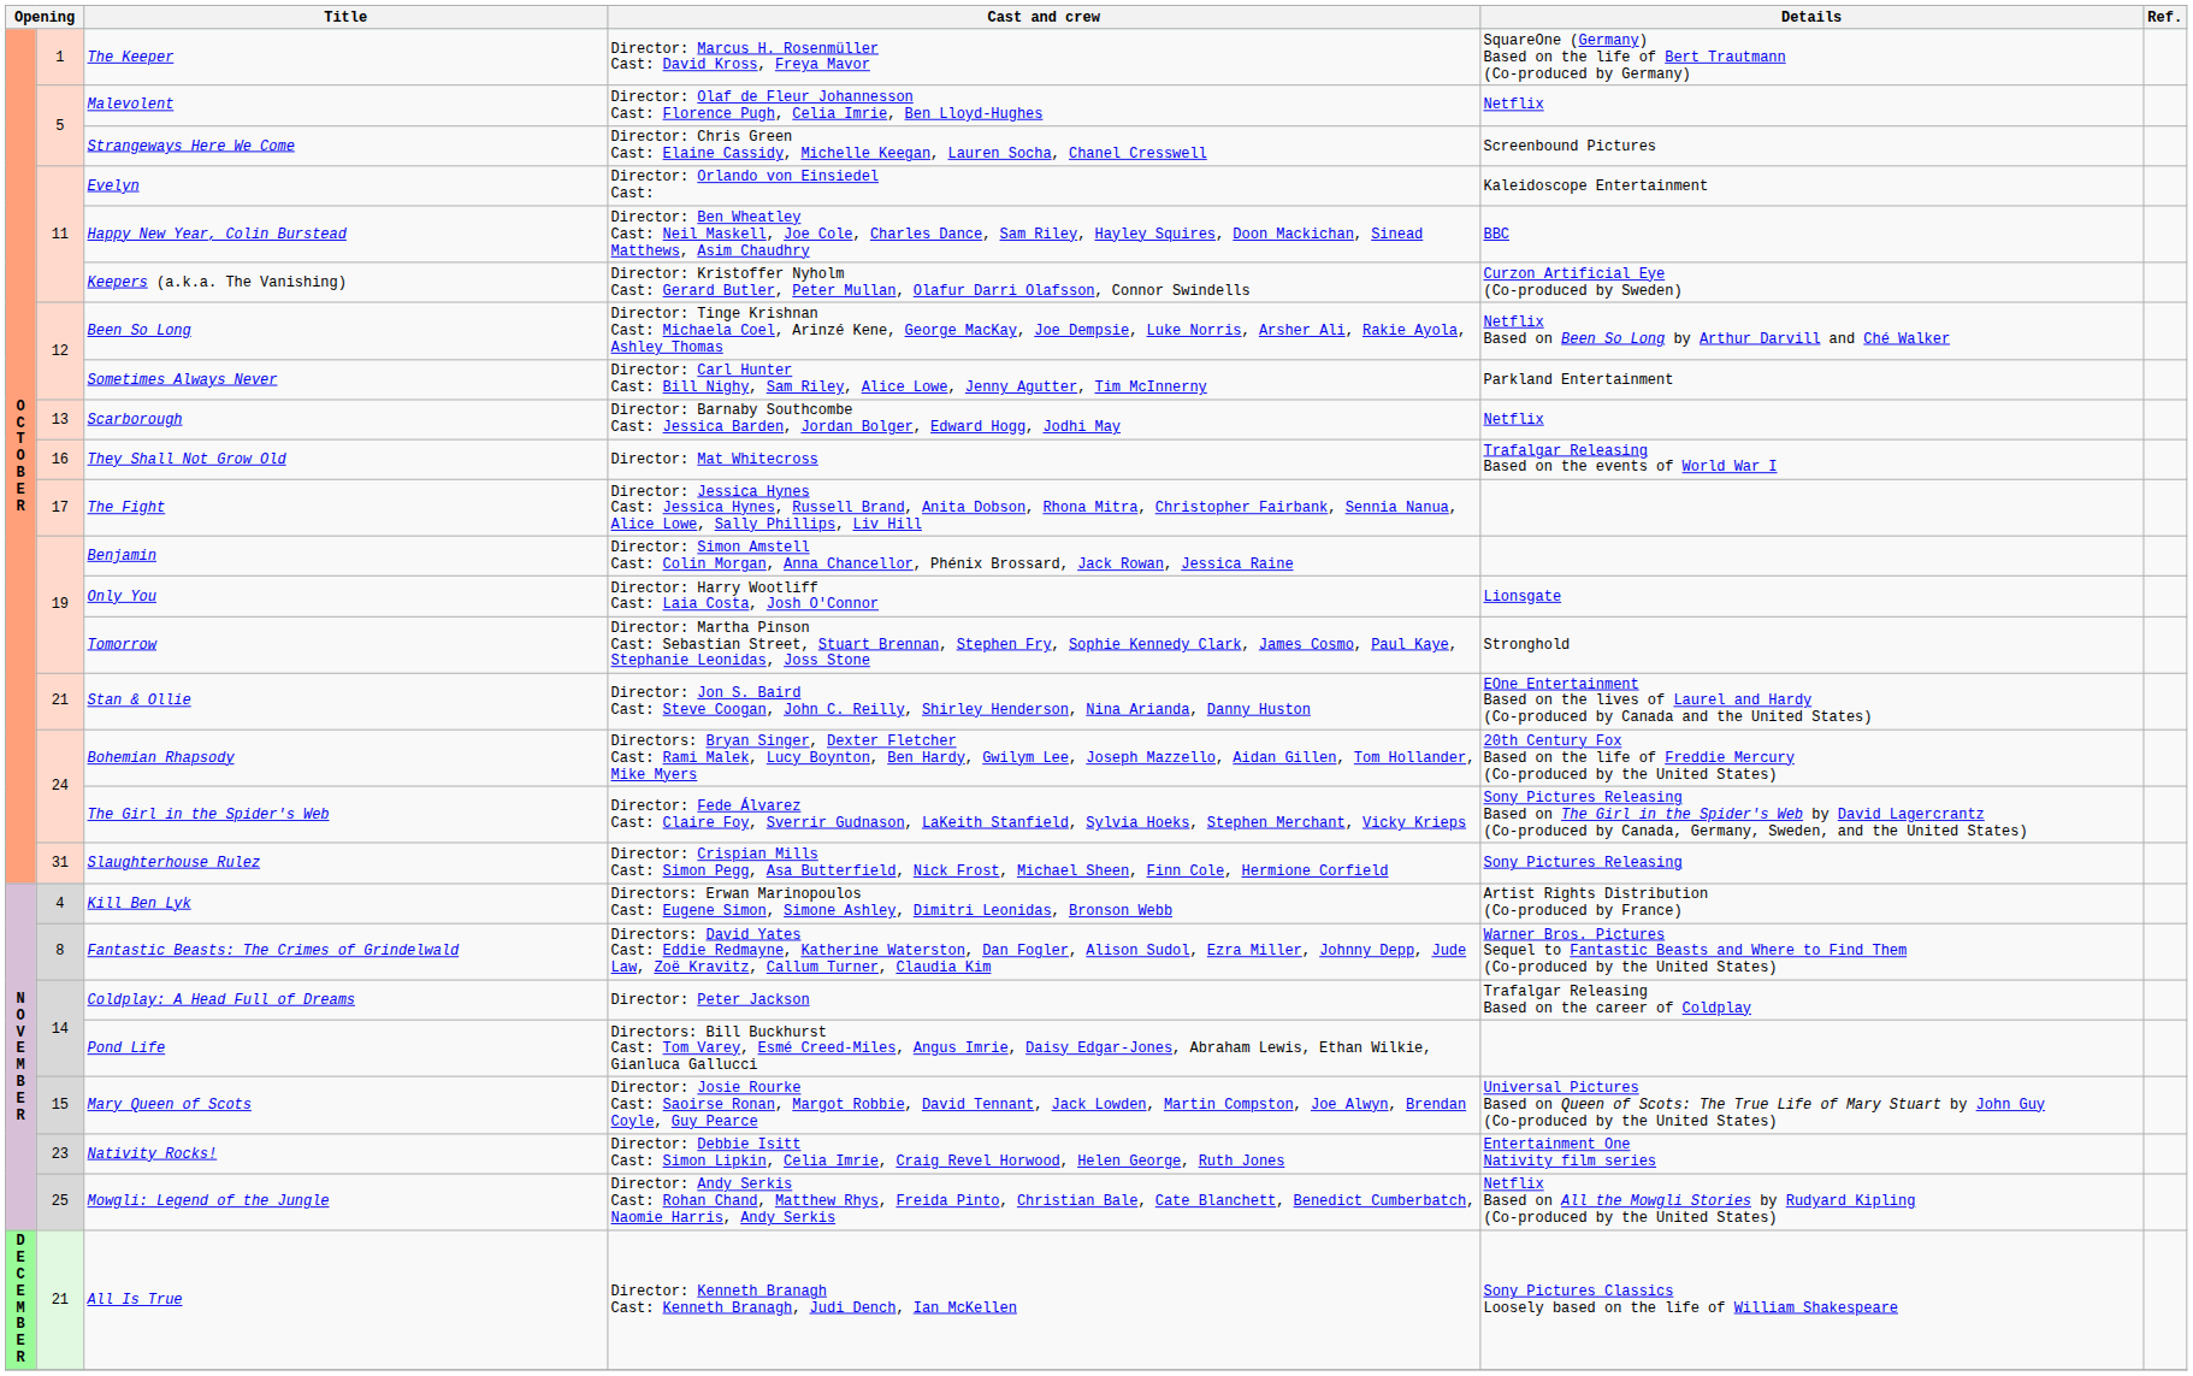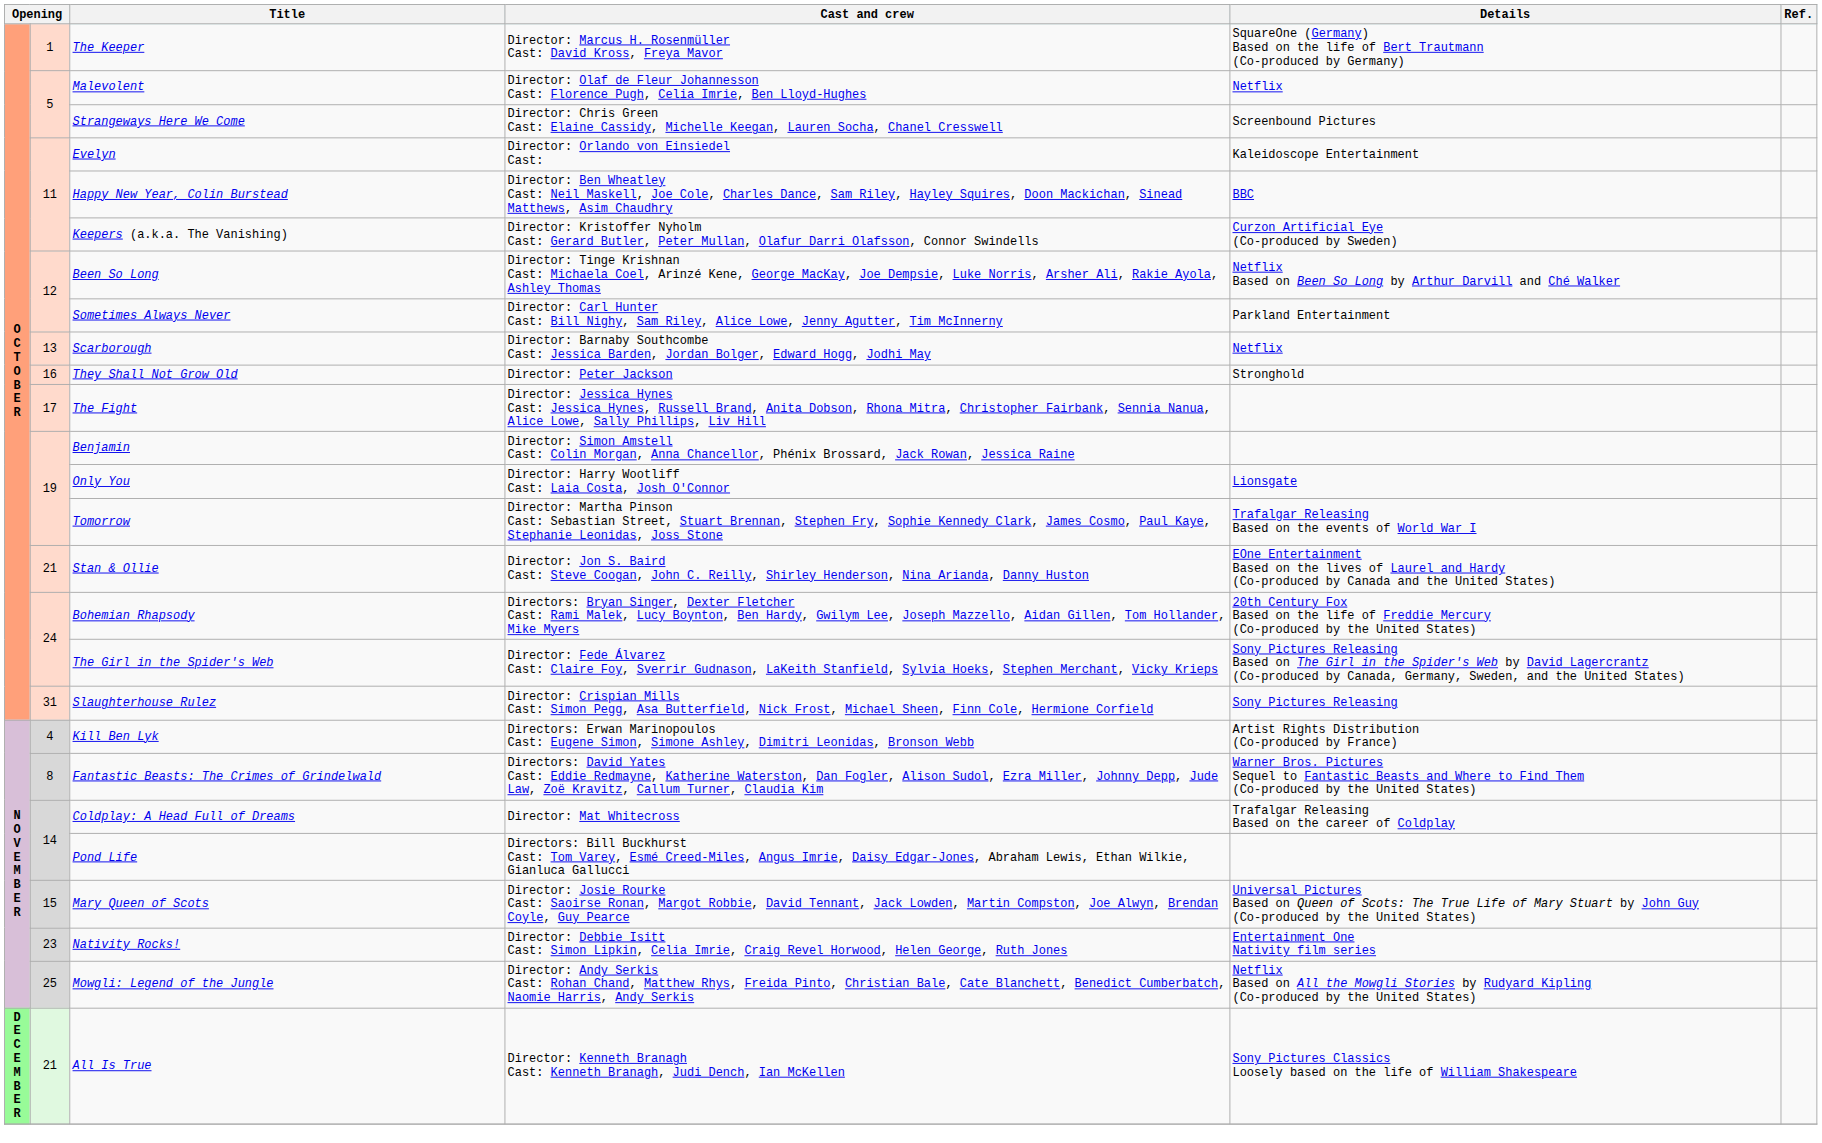 <table class="wikitable">
 <tr style="background:#b0e0e6; text-align:center;">
 <th colspan="2">Opening</th>
 <th style="width:24%;">Title</th>
 <th style="width:40%;">Cast and crew</th>
 <th>Details</th>
 <th style="width:2%;">Ref.</th>
 </tr>
 <tr>
 <th rowspan="18" style="text-align:center; background:#ffa07a; textcolor:#000;">O<br>C<br>T<br>O<br>B<br>E<br>R</th>
 <td rowspan="1" style="text-align:center; background:#ffdacc;">1</td>
 <td><em><a href='#'>The Keeper</a></em></td>
 <td>Director: <a href='#'>Marcus H. Rosenmüller</a> <br> Cast: <a href='#'>David Kross</a>, <a href='#'>Freya Mavor</a></td>
 <td>SquareOne (<a href='#'>Germany</a>) <br> Based on the life of <a href='#'>Bert Trautmann</a> <br> (Co-produced by Germany)</td>
 <td style="text-align:center"></td>
 </tr>
 <tr>
 <td rowspan="2" style="text-align:center; background:#ffdacc;">5</td>
 <td><em><a href='#'>Malevolent</a></em></td>
 <td>Director: <a href='#'>Olaf de Fleur Johannesson</a> <br> Cast: <a href='#'>Florence Pugh</a>, <a href='#'>Celia Imrie</a>, <a href='#'>Ben Lloyd-Hughes</a></td>
 <td><a href='#'>Netflix</a></td>
 <td style="text-align:center"></td>
 </tr>
 <tr>
 <td><em><a href='#'>Strangeways Here We Come</a></em></td>
 <td>Director: Chris Green <br> Cast: <a href='#'>Elaine Cassidy</a>, <a href='#'>Michelle Keegan</a>, <a href='#'>Lauren Socha</a>, <a href='#'>Chanel Cresswell</a></td>
 <td>Screenbound Pictures</td>
 <td style="text-align:center"></td>
 </tr>
 <tr>
 <td rowspan="3" style="text-align:center; background:#ffdacc;">11</td>
 <td><em><a href='#'>Evelyn</a></em></td>
 <td>Director: <a href='#'>Orlando von Einsiedel</a> <br> Cast:</td>
 <td>Kaleidoscope Entertainment</td>
 <td style="text-align:center"></td>
 </tr>
 <tr>
 <td><em><a href='#'>Happy New Year, Colin Burstead</a></em></td>
 <td>Director: <a href='#'>Ben Wheatley</a> <br> Cast: <a href='#'>Neil Maskell</a>, <a href='#'>Joe Cole</a>, <a href='#'>Charles Dance</a>, <a href='#'>Sam Riley</a>, <a href='#'>Hayley Squires</a>, <a href='#'>Doon Mackichan</a>, <a href='#'>Sinead Matthews</a>, <a href='#'>Asim Chaudhry</a></td>
 <td><a href='#'>BBC</a></td>
 <td style="text-align:center"></td>
 </tr>
 <tr>
 <td><em><a href='#'>Keepers</a></em> (a.k.a. The Vanishing)</td>
 <td>Director: Kristoffer Nyholm <br> Cast: <a href='#'>Gerard Butler</a>, <a href='#'>Peter Mullan</a>, <a href='#'>Olafur Darri Olafsson</a>, Connor Swindells</td>
 <td><a href='#'>Curzon Artificial Eye</a> <br> (Co-produced by Sweden)</td>
 <td style="text-align:center"></td>
 </tr>
 <tr>
 <td rowspan="2" style="text-align:center; background:#ffdacc;">12</td>
 <td><em><a href='#'>Been So Long</a></em></td>
 <td>Director: Tinge Krishnan <br> Cast: <a href='#'>Michaela Coel</a>, Arinzé Kene, <a href='#'>George MacKay</a>, <a href='#'>Joe Dempsie</a>, <a href='#'>Luke Norris</a>, <a href='#'>Arsher Ali</a>, <a href='#'>Rakie Ayola</a>, <a href='#'>Ashley Thomas</a></td>
 <td><a href='#'>Netflix</a> <br> Based on <em><a href='#'>Been So Long</a></em> by <a href='#'>Arthur Darvill</a> and <a href='#'>Ché Walker</a></td>
 <td style="text-align:center"></td>
 </tr>
 <tr>
 <td><em><a href='#'>Sometimes Always Never</a></em></td>
 <td>Director: <a href='#'>Carl Hunter</a> <br> Cast: <a href='#'>Bill Nighy</a>, <a href='#'>Sam Riley</a>, <a href='#'>Alice Lowe</a>, <a href='#'>Jenny Agutter</a>, <a href='#'>Tim McInnerny</a></td>
 <td>Parkland Entertainment</td>
 <td style="text-align:center"></td>
 </tr>
 <tr>
 <td rowspan="1" style="text-align:center; background:#ffdacc;">13</td>
 <td><em><a href='#'>Scarborough</a></em></td>
 <td>Director: Barnaby Southcombe <br> Cast: <a href='#'>Jessica Barden</a>, <a href='#'>Jordan Bolger</a>, <a href='#'>Edward Hogg</a>, <a href='#'>Jodhi May</a></td>
 <td><a href='#'>Netflix</a></td>
 <td style="text-align:center"></td>
 </tr>
 <tr>
 <td rowspan="1" style="text-align:center; background:#ffdacc;">16</td>
 <td><em><a href='#'>They Shall Not Grow Old</a></em></td>
-<td>Director: <a href='#'>Mat Whitecross</a></td>
-<td><a href='#'>Trafalgar Releasing</a> <br> Based on the events of <a href='#'>World War I</a></td>
+<td>Director: <a href='#'>Peter Jackson</a></td>
+<td>Stronghold</td>
 <td style="text-align:center"></td>
 </tr>
 <tr>
 <td rowspan="1" style="text-align:center; background:#ffdacc;">17</td>
 <td><em><a href='#'>The Fight</a></em></td>
 <td>Director: <a href='#'>Jessica Hynes</a>  <br> Cast: <a href='#'>Jessica Hynes</a>, <a href='#'>Russell Brand</a>, <a href='#'>Anita Dobson</a>, <a href='#'>Rhona Mitra</a>, <a href='#'>Christopher Fairbank</a>, <a href='#'>Sennia Nanua</a>, <a href='#'>Alice Lowe</a>, <a href='#'>Sally Phillips</a>, <a href='#'>Liv Hill</a></td>
 <td></td>
 <td style="text-align:center"></td>
 </tr>
 <tr>
 <td rowspan="3" style="text-align:center; background:#ffdacc;">19</td>
 <td><em><a href='#'>Benjamin</a></em></td>
 <td>Director: <a href='#'>Simon Amstell</a> <br> Cast: <a href='#'>Colin Morgan</a>, <a href='#'>Anna Chancellor</a>, Phénix Brossard, <a href='#'>Jack Rowan</a>, <a href='#'>Jessica Raine</a></td>
 <td></td>
 <td></td>
 </tr>
 <tr>
 <td><em><a href='#'>Only You</a></em></td>
 <td>Director: Harry Wootliff <br> Cast: <a href='#'>Laia Costa</a>, <a href='#'>Josh O'Connor</a></td>
 <td><a href='#'>Lionsgate</a></td>
 <td></td>
 </tr>
 <tr>
 <td><em><a href='#'>Tomorrow</a></em></td>
 <td>Director: Martha Pinson <br> Cast: Sebastian Street, <a href='#'>Stuart Brennan</a>, <a href='#'>Stephen Fry</a>, <a href='#'>Sophie Kennedy Clark</a>, <a href='#'>James Cosmo</a>, <a href='#'>Paul Kaye</a>, <a href='#'>Stephanie Leonidas</a>, <a href='#'>Joss Stone</a></td>
-<td>Stronghold</td>
+<td><a href='#'>Trafalgar Releasing</a> <br> Based on the events of <a href='#'>World War I</a></td>
 <td></td>
 </tr>
 <tr>
 <td rowspan="1" style="text-align:center; background:#ffdacc;">21</td>
 <td><em><a href='#'>Stan & Ollie</a></em></td>
 <td>Director: <a href='#'>Jon S. Baird</a> <br> Cast: <a href='#'>Steve Coogan</a>, <a href='#'>John C. Reilly</a>, <a href='#'>Shirley Henderson</a>, <a href='#'>Nina Arianda</a>, <a href='#'>Danny Huston</a></td>
 <td><a href='#'>EOne Entertainment</a> <br> Based on the lives of <a href='#'>Laurel and Hardy</a>  <br> (Co-produced by Canada and the United States)</td>
 <td style="text-align:center"></td>
 </tr>
 <tr>
 <td rowspan="2" style="text-align:center; background:#ffdacc;">24</td>
 <td><em><a href='#'>Bohemian Rhapsody</a></em></td>
 <td>Directors: <a href='#'>Bryan Singer</a>, <a href='#'>Dexter Fletcher</a> <br> Cast: <a href='#'>Rami Malek</a>, <a href='#'>Lucy Boynton</a>, <a href='#'>Ben Hardy</a>, <a href='#'>Gwilym Lee</a>, <a href='#'>Joseph Mazzello</a>, <a href='#'>Aidan Gillen</a>, <a href='#'>Tom Hollander</a>, <a href='#'>Mike Myers</a></td>
 <td><a href='#'>20th Century Fox</a> <br> Based on the life of <a href='#'>Freddie Mercury</a> <br> (Co-produced by the United States)</td>
 <td style="text-align:center"></td>
 </tr>
 <tr>
 <td><em><a href='#'>The Girl in the Spider's Web</a></em></td>
 <td>Director: <a href='#'>Fede Álvarez</a> <br> Cast: <a href='#'>Claire Foy</a>, <a href='#'>Sverrir Gudnason</a>, <a href='#'>LaKeith Stanfield</a>, <a href='#'>Sylvia Hoeks</a>, <a href='#'>Stephen Merchant</a>, <a href='#'>Vicky Krieps</a></td>
 <td><a href='#'>Sony Pictures Releasing</a> <br> Based on <em><a href='#'>The Girl in the Spider's Web</a></em> by <a href='#'>David Lagercrantz</a> <br> (Co-produced by Canada, Germany, Sweden, and the United States)</td>
 <td style="text-align:center"></td>
 </tr>
 <tr>
 <td rowspan="1" style="text-align:center; background:#ffdacc;">31</td>
 <td><em><a href='#'>Slaughterhouse Rulez</a></em></td>
 <td>Director: <a href='#'>Crispian Mills</a> <br> Cast: <a href='#'>Simon Pegg</a>, <a href='#'>Asa Butterfield</a>, <a href='#'>Nick Frost</a>, <a href='#'>Michael Sheen</a>, <a href='#'>Finn Cole</a>, <a href='#'>Hermione Corfield</a></td>
 <td><a href='#'>Sony Pictures Releasing</a></td>
 <td style="text-align:center"></td>
 </tr>
 <tr>
 <th rowspan="7" style="text-align:center; background:thistle; textcolor:#000;">N<br>O<br>V<br>E<br>M<br>B<br>E<br>R</th>
 <td rowspan="1" style="text-align:center; background:#d8d8d8;">4</td>
 <td><em><a href='#'>Kill Ben Lyk</a></em></td>
 <td>Directors: Erwan Marinopoulos <br> Cast: <a href='#'>Eugene Simon</a>, <a href='#'>Simone Ashley</a>, <a href='#'>Dimitri Leonidas</a>, <a href='#'>Bronson Webb</a></td>
 <td>Artist Rights Distribution <br> (Co-produced by France)</td>
 <td style="text-align:center"></td>
 </tr>
 <tr>
 <td rowspan="1" style="text-align:center; background:#d8d8d8;">8</td>
 <td><em><a href='#'>Fantastic Beasts: The Crimes of Grindelwald</a></em></td>
 <td>Directors: <a href='#'>David Yates</a> <br> Cast: <a href='#'>Eddie Redmayne</a>, <a href='#'>Katherine Waterston</a>, <a href='#'>Dan Fogler</a>, <a href='#'>Alison Sudol</a>, <a href='#'>Ezra Miller</a>, <a href='#'>Johnny Depp</a>, <a href='#'>Jude Law</a>, <a href='#'>Zoë Kravitz</a>, <a href='#'>Callum Turner</a>, <a href='#'>Claudia Kim</a></td>
 <td><a href='#'>Warner Bros. Pictures</a> <br> Sequel to <a href='#'>Fantastic Beasts and Where to Find Them</a> <br> (Co-produced by the United States)</td>
 <td style="text-align:center"></td>
 </tr>
 <tr>
 <td rowspan="2" style="text-align:center; background:#d8d8d8;">14</td>
 <td><em><a href='#'>Coldplay: A Head Full of Dreams</a></em></td>
-<td>Director: <a href='#'>Peter Jackson</a></td>
+<td>Director: <a href='#'>Mat Whitecross</a></td>
 <td>Trafalgar Releasing <br> Based on the career of <a href='#'>Coldplay</a></td>
 <td></td>
 </tr>
 <tr>
 <td><em><a href='#'>Pond Life</a></em></td>
 <td>Directors: Bill Buckhurst <br> Cast: <a href='#'>Tom Varey</a>, <a href='#'>Esmé Creed-Miles</a>, <a href='#'>Angus Imrie</a>, <a href='#'>Daisy Edgar-Jones</a>, Abraham Lewis, Ethan Wilkie, Gianluca Gallucci</td>
 <td></td>
 <td style="text-align:center"></td>
 </tr>
 <tr>
 <td rowspan="1" style="text-align:center; background:#d8d8d8;">15</td>
 <td><em><a href='#'>Mary Queen of Scots</a></em></td>
 <td>Director: <a href='#'>Josie Rourke</a> <br> Cast: <a href='#'>Saoirse Ronan</a>, <a href='#'>Margot Robbie</a>, <a href='#'>David Tennant</a>, <a href='#'>Jack Lowden</a>, <a href='#'>Martin Compston</a>, <a href='#'>Joe Alwyn</a>, <a href='#'>Brendan Coyle</a>, <a href='#'>Guy Pearce</a></td>
 <td><a href='#'>Universal Pictures</a> <br> Based on <em>Queen of Scots: The True Life of Mary Stuart</em> by <a href='#'>John Guy</a>  <br> (Co-produced by the United States)</td>
 <td style="text-align:center"></td>
 </tr>
 <tr>
 <td rowspan="1" style="text-align:center; background:#d8d8d8;">23</td>
 <td><em><a href='#'>Nativity Rocks!</a></em></td>
 <td>Director: <a href='#'>Debbie Isitt</a> <br> Cast: <a href='#'>Simon Lipkin</a>, <a href='#'>Celia Imrie</a>, <a href='#'>Craig Revel Horwood</a>, <a href='#'>Helen George</a>, <a href='#'>Ruth Jones</a></td>
 <td><a href='#'>Entertainment One</a> <br> <a href='#'>Nativity film series</a></td>
 <td style="text-align:center"></td>
 </tr>
 <tr>
 <td rowspan="1" style="text-align:center; background:#d8d8d8;">25</td>
 <td><em><a href='#'>Mowgli: Legend of the Jungle</a></em></td>
 <td>Director: <a href='#'>Andy Serkis</a> <br> Cast: <a href='#'>Rohan Chand</a>, <a href='#'>Matthew Rhys</a>, <a href='#'>Freida Pinto</a>, <a href='#'>Christian Bale</a>, <a href='#'>Cate Blanchett</a>, <a href='#'>Benedict Cumberbatch</a>, <a href='#'>Naomie Harris</a>, <a href='#'>Andy Serkis</a></td>
 <td><a href='#'>Netflix</a> <br> Based on <em><a href='#'>All the Mowgli Stories</a></em> by <a href='#'>Rudyard Kipling</a>  <br> (Co-produced by the United States)</td>
 <td style="text-align:center"></td>
 </tr>
 <tr>
 <th rowspan="1" style="text-align:center; background:#98fb98; textcolor:#000;">D<br>E<br>C<br>E<br>M<br>B<br>E<br>R</th>
 <td rowspan="1" style="text-align:center; background:#e0f9e0;">21</td>
 <td><em><a href='#'>All Is True</a></em></td>
 <td>Director: <a href='#'>Kenneth Branagh</a> <br> Cast: <a href='#'>Kenneth Branagh</a>, <a href='#'>Judi Dench</a>, <a href='#'>Ian McKellen</a></td>
 <td><a href='#'>Sony Pictures Classics</a> <br> Loosely based on the life of <a href='#'>William Shakespeare</a></td>
 <td style="text-align:center"></td>
 </tr>
 <tr>
 </tr>
 </table>
